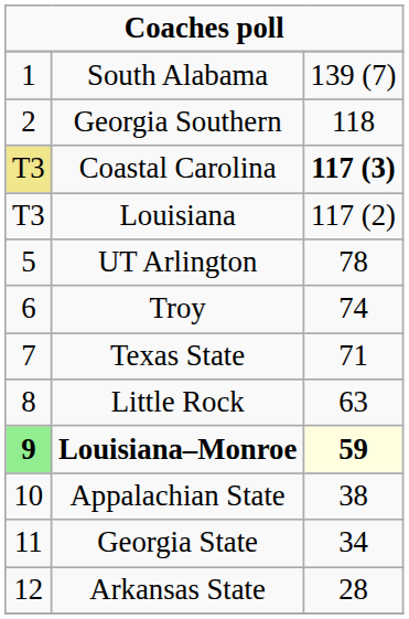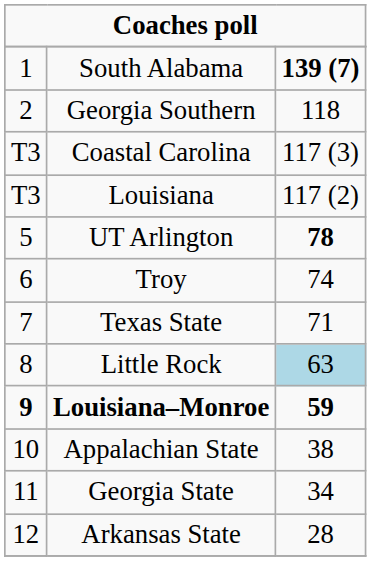 <table class="wikitable">
 <tr align="center">
 <td align="center" Colspan="3"><strong>Coaches poll</strong></td>
 </tr>
 <tr align="center">
 </tr>
 <tr align="center">
 <td>1</td>
 <td>South Alabama</td>
-<td>139 (7)</td>
+<td><strong>139 (7)</strong></td>
 </tr>
 <tr align="center">
 <td>2</td>
 <td>Georgia Southern</td>
 <td>118</td>
 </tr>
 <tr align="center">
-<td style="background: khaki;">T3</td>
+<td>T3</td>
 <td>Coastal Carolina</td>
-<td><strong>117 (3)</strong></td>
+<td>117 (3)</td>
 </tr>
 <tr align="center">
 <td>T3</td>
 <td>Louisiana</td>
 <td>117 (2)</td>
 </tr>
 <tr align="center">
 <td>5</td>
 <td>UT Arlington</td>
-<td>78</td>
+<td><strong>78</strong></td>
 </tr>
 <tr align="center">
 <td>6</td>
 <td>Troy</td>
 <td>74</td>
 </tr>
 <tr align="center">
 <td>7</td>
 <td>Texas State</td>
 <td>71</td>
 </tr>
 <tr align="center">
 <td>8</td>
 <td>Little Rock</td>
-<td>63</td>
+<td style="background: lightblue;">63</td>
 </tr>
 <tr align="center">
-<td style="background: lightgreen;"><strong>9</strong></td>
+<td><strong>9</strong></td>
 <td><strong>Louisiana–Monroe</strong></td>
-<td style="background: lightyellow;"><strong>59</strong></td>
+<td><strong>59</strong></td>
 </tr>
 <tr align="center">
 <td>10</td>
 <td>Appalachian State</td>
 <td>38</td>
 </tr>
 <tr align="center">
 <td>11</td>
 <td>Georgia State</td>
 <td>34</td>
 </tr>
 <tr align="center">
 <td>12</td>
 <td>Arkansas State</td>
 <td>28</td>
 </tr>
 <tr align="center">
 </tr>
 </table>
